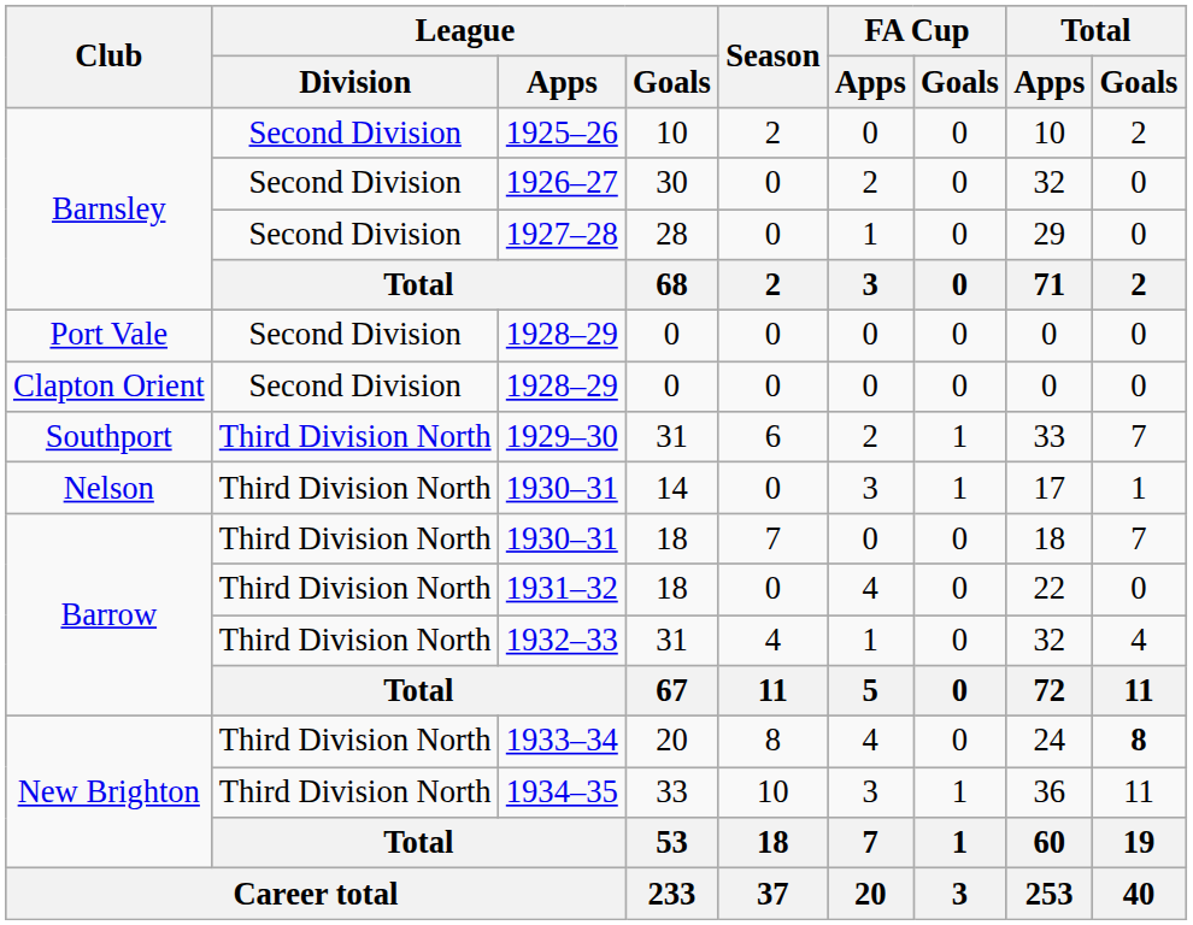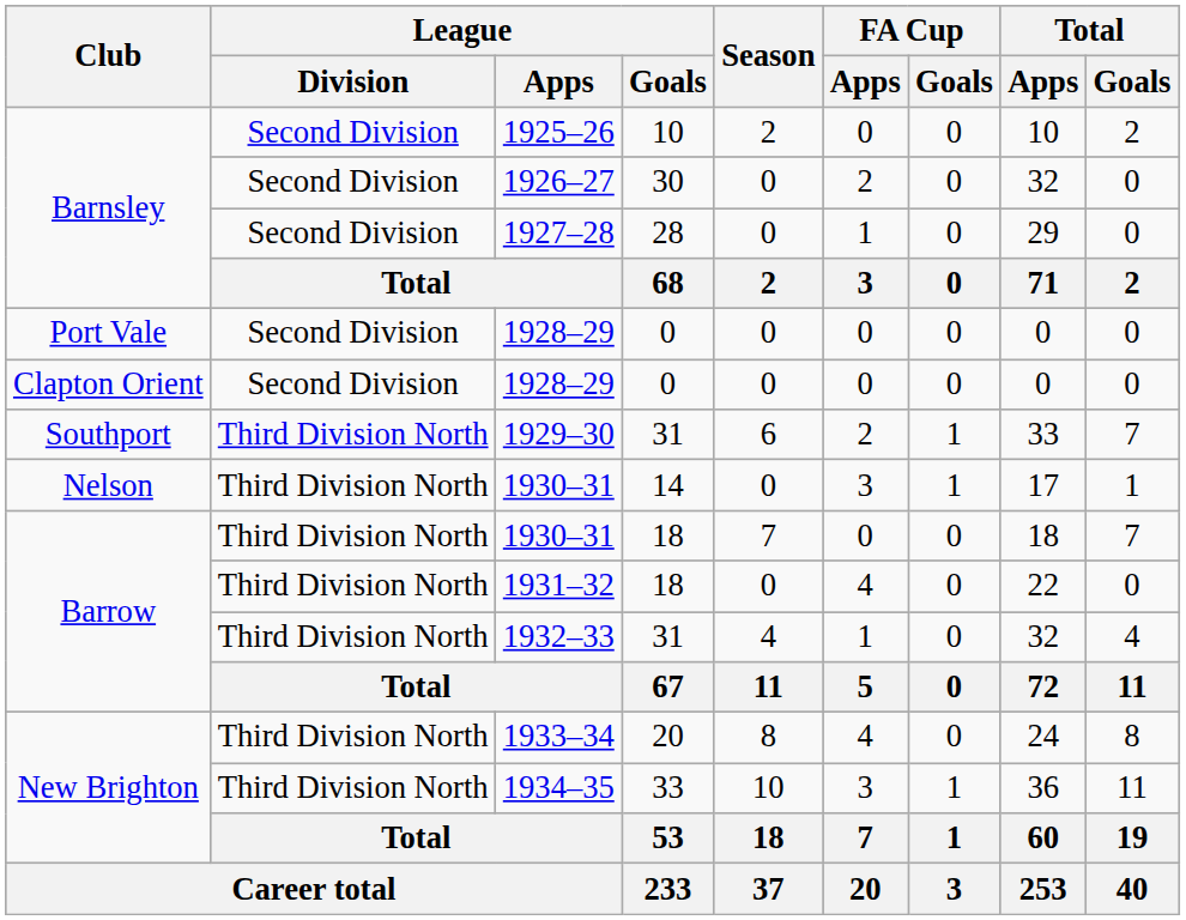 <table class="wikitable" style="text-align: center;">
 <tr>
 <th rowspan="2">Club</th>
 <th colspan="3">League</th>
 <th rowspan="2">Season</th>
 <th colspan="2">FA Cup</th>
 <th colspan="2">Total</th>
 </tr>
 <tr>
 <th>Division</th>
 <th>Apps</th>
 <th>Goals</th>
 <th>Apps</th>
 <th>Goals</th>
 <th>Apps</th>
 <th>Goals</th>
 </tr>
 <tr>
 <td rowspan="4"><a href='#'>Barnsley</a></td>
 <td><a href='#'>Second Division</a></td>
 <td><a href='#'>1925–26</a></td>
 <td>10</td>
 <td>2</td>
 <td>0</td>
 <td>0</td>
 <td>10</td>
 <td>2</td>
 </tr>
 <tr>
 <td>Second Division</td>
 <td><a href='#'>1926–27</a></td>
 <td>30</td>
 <td>0</td>
 <td>2</td>
 <td>0</td>
 <td>32</td>
 <td>0</td>
 </tr>
 <tr>
 <td>Second Division</td>
 <td><a href='#'>1927–28</a></td>
 <td>28</td>
 <td>0</td>
 <td>1</td>
 <td>0</td>
 <td>29</td>
 <td>0</td>
 </tr>
 <tr>
 <th colspan="2">Total</th>
 <th>68</th>
 <th>2</th>
 <th>3</th>
 <th>0</th>
 <th>71</th>
 <th>2</th>
 </tr>
 <tr>
 <td><a href='#'>Port Vale</a></td>
 <td>Second Division</td>
 <td><a href='#'>1928–29</a></td>
 <td>0</td>
 <td>0</td>
 <td>0</td>
 <td>0</td>
 <td>0</td>
 <td>0</td>
 </tr>
 <tr>
 <td><a href='#'>Clapton Orient</a></td>
 <td>Second Division</td>
 <td><a href='#'>1928–29</a></td>
 <td>0</td>
 <td>0</td>
 <td>0</td>
 <td>0</td>
 <td>0</td>
 <td>0</td>
 </tr>
 <tr>
 <td><a href='#'>Southport</a></td>
 <td><a href='#'>Third Division North</a></td>
 <td><a href='#'>1929–30</a></td>
 <td>31</td>
 <td>6</td>
 <td>2</td>
 <td>1</td>
 <td>33</td>
 <td>7</td>
 </tr>
 <tr>
 <td><a href='#'>Nelson</a></td>
 <td>Third Division North</td>
 <td><a href='#'>1930–31</a></td>
 <td>14</td>
 <td>0</td>
 <td>3</td>
 <td>1</td>
 <td>17</td>
 <td>1</td>
 </tr>
 <tr>
 <td rowspan="4"><a href='#'>Barrow</a></td>
 <td>Third Division North</td>
 <td><a href='#'>1930–31</a></td>
 <td>18</td>
 <td>7</td>
 <td>0</td>
 <td>0</td>
 <td>18</td>
 <td>7</td>
 </tr>
 <tr>
 <td>Third Division North</td>
 <td><a href='#'>1931–32</a></td>
 <td>18</td>
 <td>0</td>
 <td>4</td>
 <td>0</td>
 <td>22</td>
 <td>0</td>
 </tr>
 <tr>
 <td>Third Division North</td>
 <td><a href='#'>1932–33</a></td>
 <td>31</td>
 <td>4</td>
 <td>1</td>
 <td>0</td>
 <td>32</td>
 <td>4</td>
 </tr>
 <tr>
 <th colspan="2">Total</th>
 <th>67</th>
 <th>11</th>
 <th>5</th>
 <th>0</th>
 <th>72</th>
 <th>11</th>
 </tr>
 <tr>
 <td rowspan="3"><a href='#'>New Brighton</a></td>
 <td>Third Division North</td>
 <td><a href='#'>1933–34</a></td>
 <td>20</td>
 <td>8</td>
 <td>4</td>
 <td>0</td>
 <td>24</td>
-<td><strong>8</strong></td>
+<td>8</td>
 </tr>
 <tr>
 <td>Third Division North</td>
 <td><a href='#'>1934–35</a></td>
 <td>33</td>
 <td>10</td>
 <td>3</td>
 <td>1</td>
 <td>36</td>
 <td>11</td>
 </tr>
 <tr>
 <th colspan="2">Total</th>
 <th>53</th>
 <th>18</th>
 <th>7</th>
 <th>1</th>
 <th>60</th>
 <th>19</th>
 </tr>
 <tr>
 <th colspan="3">Career total</th>
 <th>233</th>
 <th>37</th>
 <th>20</th>
 <th>3</th>
 <th>253</th>
 <th>40</th>
 </tr>
 </table>
